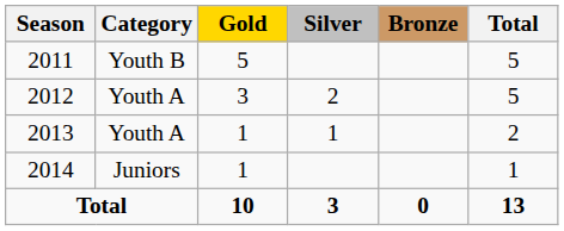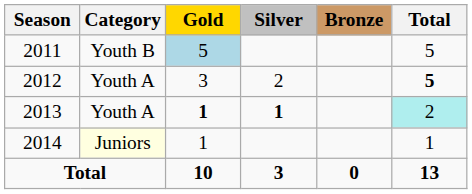 <table class="wikitable" style="text-align:center;">
 <tr>
 <th width = "55">Season</th>
 <th width = "55">Category</th>
 <th width = "55" style="background: gold;">Gold</th>
 <th width = "55" style="background: silver;">Silver</th>
 <th width = "55" style="background: #cc9966;">Bronze</th>
 <th width = "55">Total</th>
 </tr>
 <tr>
 <td>2011</td>
 <td>Youth B</td>
-<td>5</td>
+<td style="background: lightblue;">5</td>
 <td></td>
 <td></td>
 <td>5</td>
 </tr>
 <tr>
 <td>2012</td>
 <td>Youth A</td>
 <td>3</td>
 <td>2</td>
 <td></td>
-<td>5</td>
+<td><strong>5</strong></td>
 </tr>
 <tr>
 <td>2013</td>
 <td>Youth A</td>
-<td>1</td>
-<td>1</td>
+<td><strong>1</strong></td>
+<td><strong>1</strong></td>
 <td></td>
-<td>2</td>
+<td style="background: paleturquoise;">2</td>
 </tr>
 <tr>
 <td>2014</td>
-<td>Juniors</td>
+<td style="background: lightyellow;">Juniors</td>
 <td>1</td>
 <td></td>
 <td></td>
 <td>1</td>
 </tr>
 <tr>
 <td colspan=2><strong>Total</strong></td>
 <td><strong>10</strong></td>
 <td><strong>3</strong></td>
 <td><strong>0</strong></td>
 <td><strong>13</strong></td>
 </tr>
 </table>
